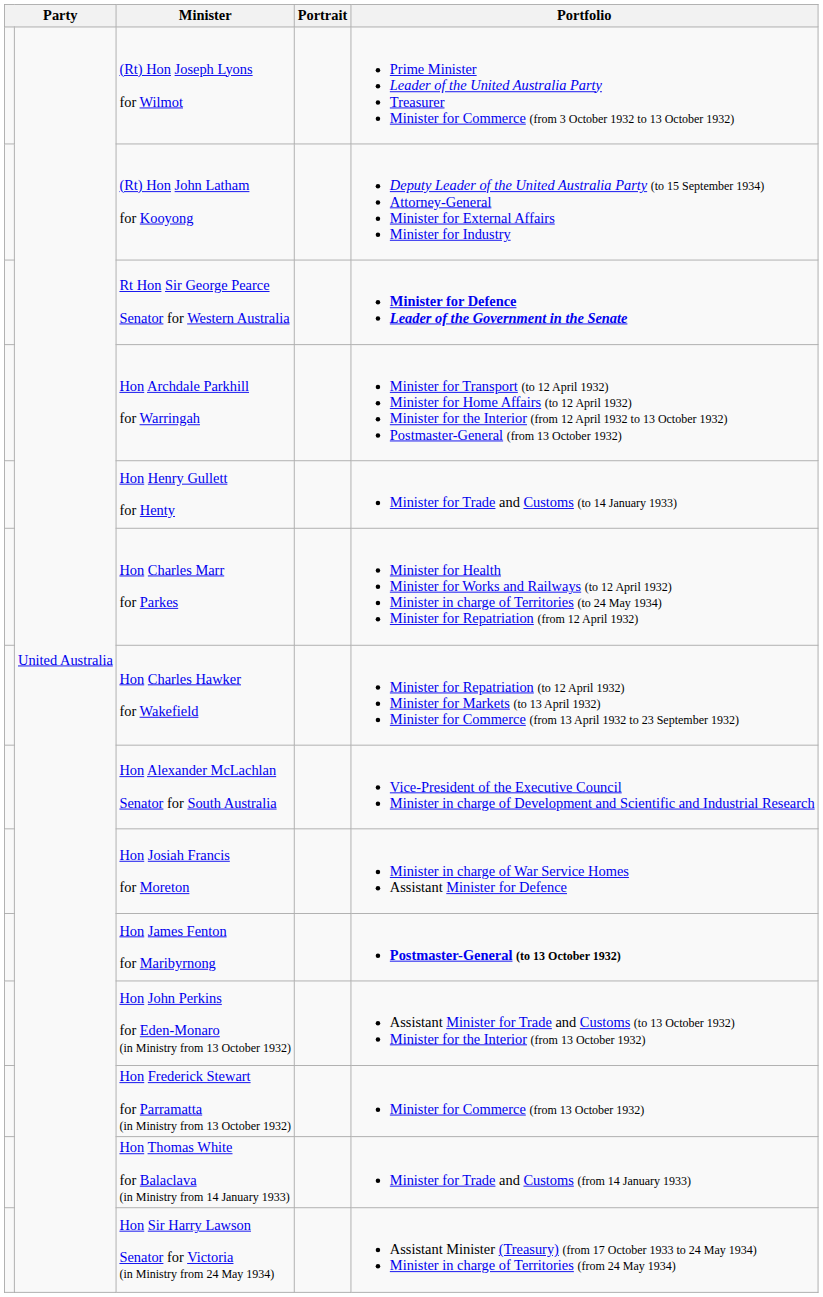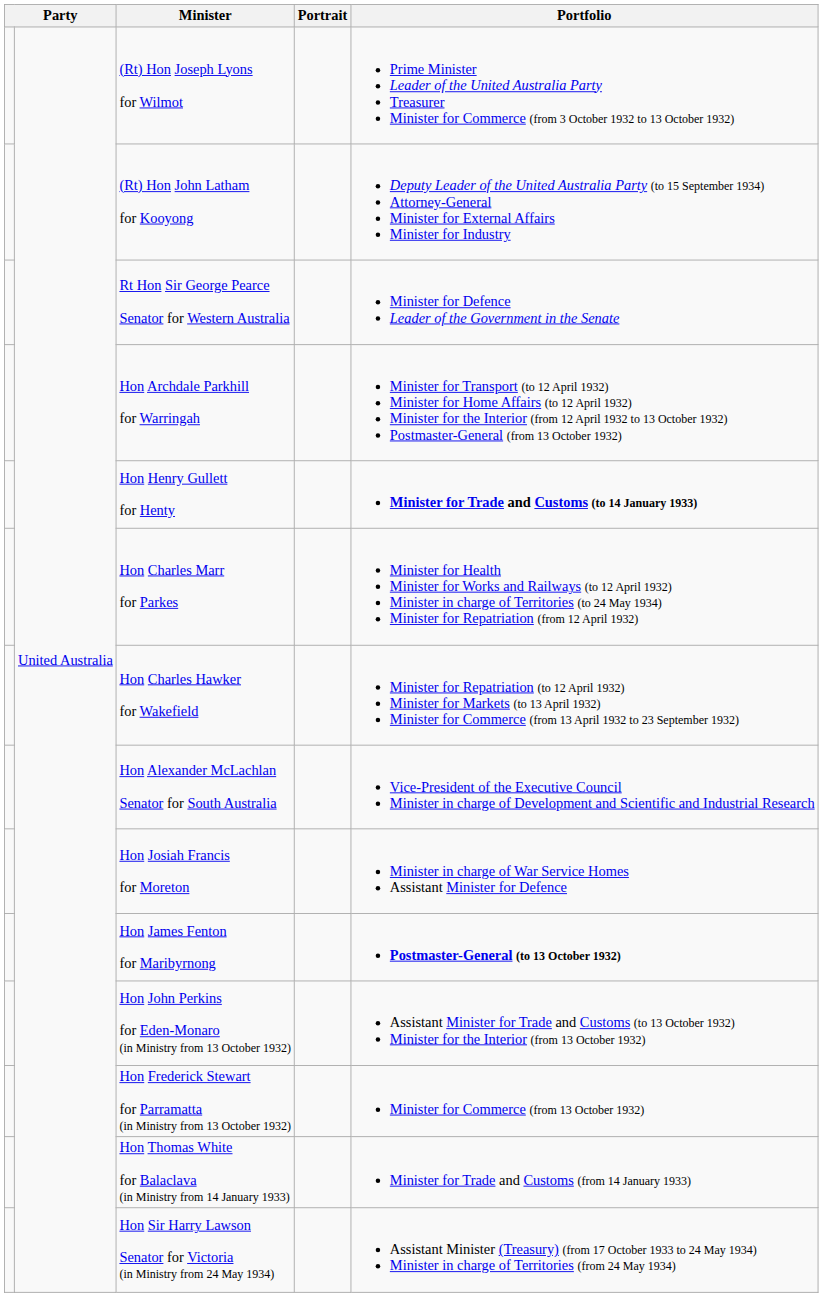 <table class="wikitable sortable">
 <tr>
 <th colspan="2">Party</th>
 <th>Minister</th>
 <th>Portrait</th>
 <th>Portfolio</th>
 </tr>
 <tr>
 <td> </td>
 <td rowspan=14><a href='#'>United Australia</a></td>
 <td><a href='#'>(Rt) Hon</a> <a href='#'>Joseph Lyons</a> <br><br> for <a href='#'>Wilmot</a> <br></td>
 <td></td>
 <td><br><ul><li><a href='#'>Prime Minister</a></li><li><em><a href='#'>Leader of the United Australia Party</a></em></li><li><a href='#'>Treasurer</a></li><li><a href='#'>Minister for Commerce</a> <small>(from 3 October 1932 to 13 October 1932)</small></li></ul></td>
 </tr>
 <tr>
 <td> </td>
 <td><a href='#'>(Rt) Hon</a> <a href='#'>John Latham</a>   <br><br> for <a href='#'>Kooyong</a> <br></td>
 <td></td>
 <td><br><ul><li><em><a href='#'>Deputy Leader of the United Australia Party</a></em> <small>(to 15 September 1934)</small></li><li><a href='#'>Attorney-General</a></li><li><a href='#'>Minister for External Affairs</a></li><li><a href='#'>Minister for Industry</a></li></ul></td>
 </tr>
 <tr>
 <td> </td>
 <td><a href='#'>Rt Hon</a> <a href='#'>Sir George Pearce</a>  <br><br><a href='#'>Senator</a> for <a href='#'>Western Australia</a> <br></td>
 <td></td>
-<td><strong><br><ul><li><a href='#'>Minister for Defence</a></li><li><em><a href='#'>Leader of the Government in the Senate</a></em></li></ul></strong></td>
+<td><br><ul><li><a href='#'>Minister for Defence</a></li><li><em><a href='#'>Leader of the Government in the Senate</a></em></li></ul></td>
 </tr>
 <tr>
 <td> </td>
 <td><a href='#'>Hon</a> <a href='#'>Archdale Parkhill</a> <br><br> for <a href='#'>Warringah</a> <br></td>
 <td></td>
 <td><br><ul><li><a href='#'>Minister for Transport</a> <small>(to 12 April 1932)</small></li><li><a href='#'>Minister for Home Affairs</a> <small>(to 12 April 1932)</small></li><li><a href='#'>Minister for the Interior</a> <small>(from 12 April 1932 to 13 October 1932)</small></li><li><a href='#'>Postmaster-General</a> <small>(from 13 October 1932)</small></li></ul></td>
 </tr>
 <tr>
 <td> </td>
 <td><a href='#'>Hon</a> <a href='#'>Henry Gullett</a> <br><br> for <a href='#'>Henty</a> <br></td>
 <td></td>
-<td><br><ul><li><a href='#'>Minister for Trade</a> and <a href='#'>Customs</a> <small>(to 14 January 1933)</small></li></ul></td>
+<td><strong><br><ul><li><a href='#'>Minister for Trade</a> and <a href='#'>Customs</a> <small>(to 14 January 1933)</small></li></ul></strong></td>
 </tr>
 <tr>
 <td> </td>
 <td><a href='#'>Hon</a> <a href='#'>Charles Marr</a>   <br><br> for <a href='#'>Parkes</a> <br></td>
 <td></td>
 <td><br><ul><li><a href='#'>Minister for Health</a></li><li><a href='#'>Minister for Works and Railways</a> <small>(to 12 April 1932)</small></li><li><a href='#'>Minister in charge of Territories</a> <small>(to 24 May 1934)</small></li><li><a href='#'>Minister for Repatriation</a> <small>(from 12 April 1932)</small></li></ul></td>
 </tr>
 <tr>
 <td> </td>
 <td><a href='#'>Hon</a> <a href='#'>Charles Hawker</a> <br><br> for <a href='#'>Wakefield</a> <br></td>
 <td></td>
 <td><br><ul><li><a href='#'>Minister for Repatriation</a> <small>(to 12 April 1932)</small></li><li><a href='#'>Minister for Markets</a> <small>(to 13 April 1932)</small></li><li><a href='#'>Minister for Commerce</a> <small>(from 13 April 1932 to 23 September 1932)</small></li></ul></td>
 </tr>
 <tr>
 <td> </td>
 <td><a href='#'>Hon</a> <a href='#'>Alexander McLachlan</a> <br><br><a href='#'>Senator</a> for <a href='#'>South Australia</a> <br></td>
 <td></td>
 <td><br><ul><li><a href='#'>Vice-President of the Executive Council</a></li><li><a href='#'>Minister in charge of Development and Scientific and Industrial Research</a></li></ul></td>
 </tr>
 <tr>
 <td> </td>
 <td><a href='#'>Hon</a> <a href='#'>Josiah Francis</a> <br><br> for <a href='#'>Moreton</a> <br></td>
 <td></td>
 <td><br><ul><li><a href='#'>Minister in charge of War Service Homes</a></li><li>Assistant <a href='#'>Minister for Defence</a></li></ul></td>
 </tr>
 <tr>
 <td> </td>
 <td><a href='#'>Hon</a> <a href='#'>James Fenton</a> <br><br> for <a href='#'>Maribyrnong</a> <br></td>
 <td></td>
 <td><strong><br><ul><li><a href='#'>Postmaster-General</a> <small>(to 13 October 1932)</small></li></ul></strong></td>
 </tr>
 <tr>
 <td> </td>
 <td><a href='#'>Hon</a> <a href='#'>John Perkins</a> <br><br> for <a href='#'>Eden-Monaro</a> <br> <small>(in Ministry from 13 October 1932)</small></td>
 <td></td>
 <td><br><ul><li>Assistant <a href='#'>Minister for Trade</a> and <a href='#'>Customs</a> <small>(to 13 October 1932)</small></li><li><a href='#'>Minister for the Interior</a> <small>(from 13 October 1932)</small></li></ul></td>
 </tr>
 <tr>
 <td> </td>
 <td><a href='#'>Hon</a> <a href='#'>Frederick Stewart</a> <br><br> for <a href='#'>Parramatta</a> <br> <small>(in Ministry from 13 October 1932)</small></td>
 <td></td>
 <td><br><ul><li><a href='#'>Minister for Commerce</a> <small>(from 13 October 1932)</small></li></ul></td>
 </tr>
 <tr>
 <td> </td>
 <td><a href='#'>Hon</a> <a href='#'>Thomas White</a>   <br><br> for <a href='#'>Balaclava</a> <br> <small>(in Ministry from 14 January 1933)</small></td>
 <td></td>
 <td><br><ul><li><a href='#'>Minister for Trade</a> and <a href='#'>Customs</a> <small>(from 14 January 1933)</small></li></ul></td>
 </tr>
 <tr>
 <td> </td>
 <td><a href='#'>Hon</a> <a href='#'>Sir Harry Lawson</a>  <br><br><a href='#'>Senator</a> for <a href='#'>Victoria</a> <br> <small>(in Ministry from 24 May 1934)</small></td>
 <td></td>
 <td><br><ul><li>Assistant Minister <a href='#'>(Treasury)</a> <small>(from 17 October 1933 to 24 May 1934)</small></li><li><a href='#'>Minister in charge of Territories</a> <small>(from 24 May 1934)</small></li></ul></td>
 </tr>
 </table>
